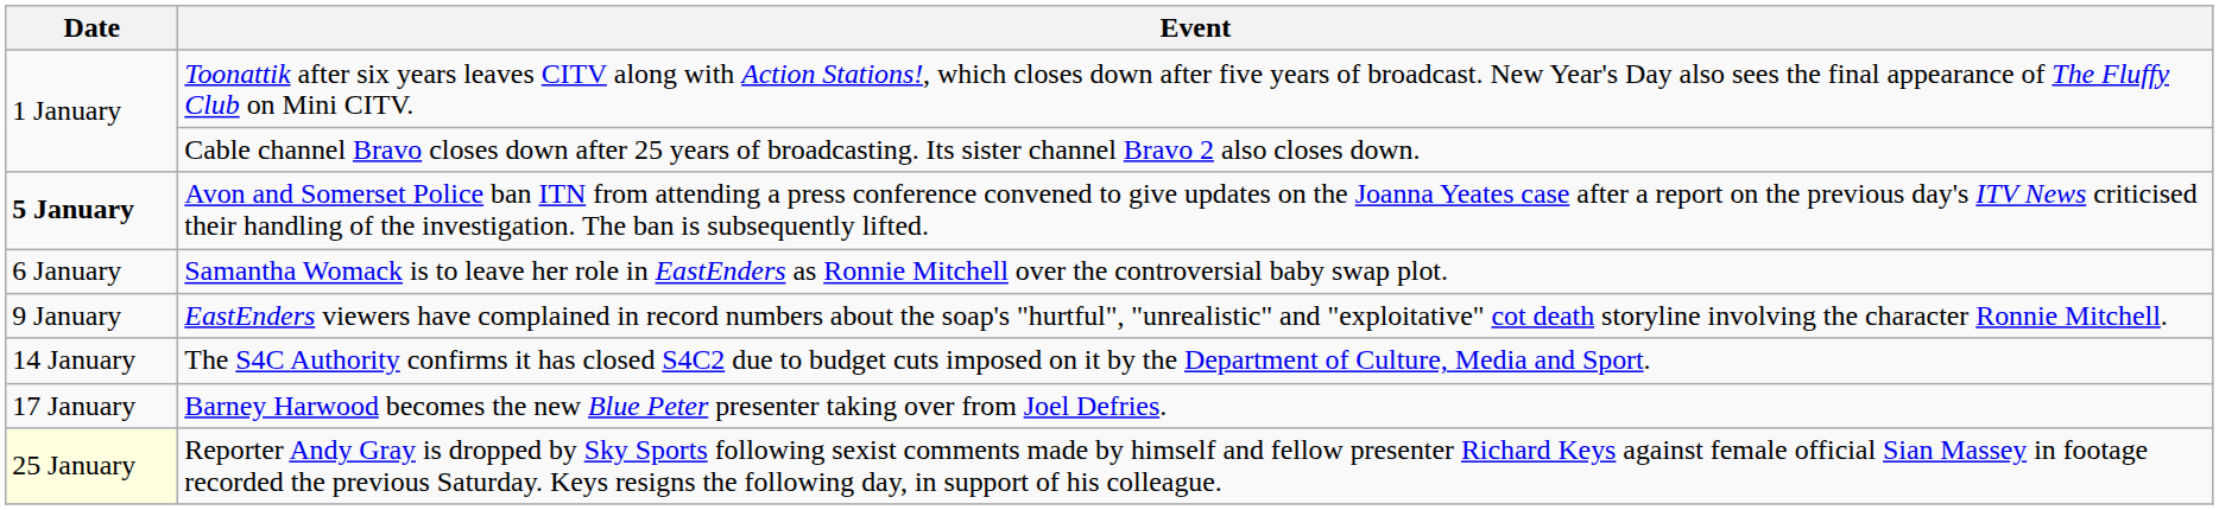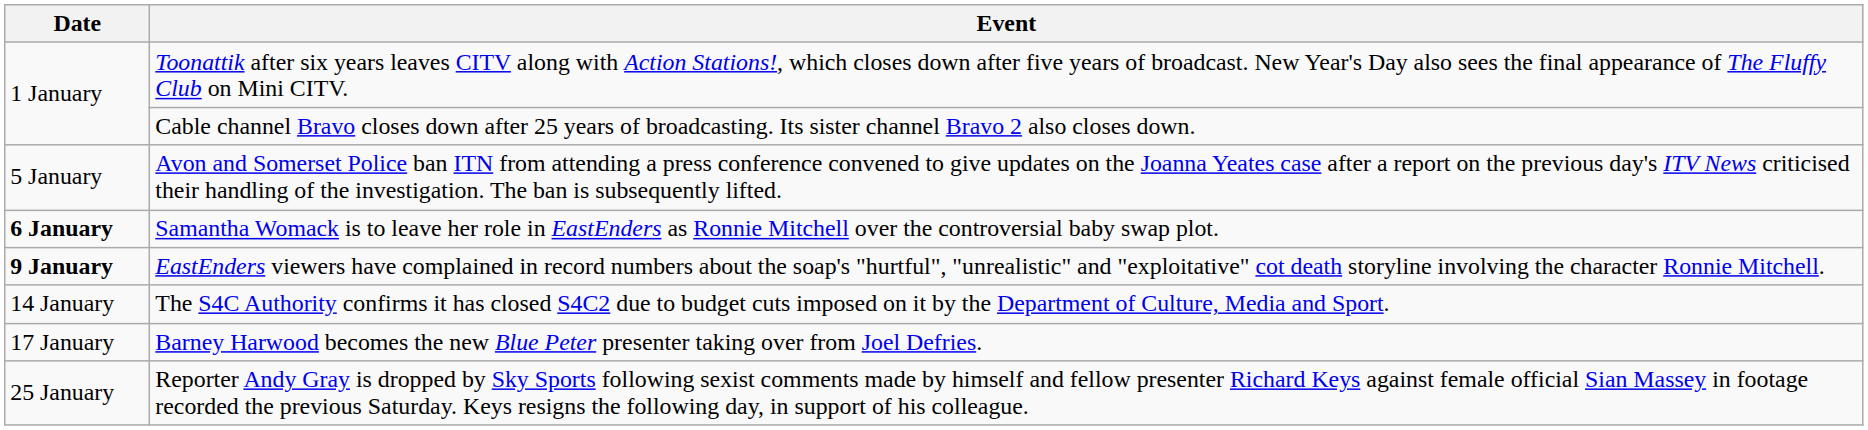 <table class="wikitable">
 <tr>
 <th width=90>Date</th>
 <th>Event</th>
 </tr>
 <tr>
 <td rowspan="2">1 January</td>
 <td><em><a href='#'>Toonattik</a></em> after six years leaves <a href='#'>CITV</a> along with <em><a href='#'>Action Stations!</a></em>, which closes down after five years of broadcast. New Year's Day also sees the final appearance of <em><a href='#'>The Fluffy Club</a></em> on Mini CITV.</td>
 </tr>
 <tr>
 <td>Cable channel <a href='#'>Bravo</a> closes down after 25 years of broadcasting. Its sister channel <a href='#'>Bravo 2</a> also closes down.</td>
 </tr>
 <tr>
-<td><strong>5 January</strong></td>
+<td>5 January</td>
 <td><a href='#'>Avon and Somerset Police</a> ban <a href='#'>ITN</a> from attending a press conference convened to give updates on the <a href='#'>Joanna Yeates case</a> after a report on the previous day's <em><a href='#'>ITV News</a></em> criticised their handling of the investigation. The ban is subsequently lifted.</td>
 </tr>
 <tr>
-<td>6 January</td>
+<td><strong>6 January</strong></td>
 <td><a href='#'>Samantha Womack</a> is to leave her role in <em><a href='#'>EastEnders</a></em> as <a href='#'>Ronnie Mitchell</a> over the controversial baby swap plot.</td>
 </tr>
 <tr>
-<td>9 January</td>
+<td><strong>9 January</strong></td>
 <td><em><a href='#'>EastEnders</a></em> viewers have complained in record numbers about the soap's "hurtful", "unrealistic" and "exploitative" <a href='#'>cot death</a> storyline involving the character <a href='#'>Ronnie Mitchell</a>.</td>
 </tr>
 <tr>
 <td>14 January</td>
 <td>The <a href='#'>S4C Authority</a> confirms it has closed <a href='#'>S4C2</a> due to budget cuts imposed on it by the <a href='#'>Department of Culture, Media and Sport</a>.</td>
 </tr>
 <tr>
 <td>17 January</td>
 <td><a href='#'>Barney Harwood</a> becomes the new <em><a href='#'>Blue Peter</a></em> presenter taking over from <a href='#'>Joel Defries</a>.</td>
 </tr>
 <tr>
-<td style="background: lightyellow;">25 January</td>
+<td>25 January</td>
 <td>Reporter <a href='#'>Andy Gray</a> is dropped by <a href='#'>Sky Sports</a> following sexist comments made by himself and fellow presenter <a href='#'>Richard Keys</a> against female official <a href='#'>Sian Massey</a> in footage recorded the previous Saturday. Keys resigns the following day, in support of his colleague.</td>
 </tr>
 </table>
